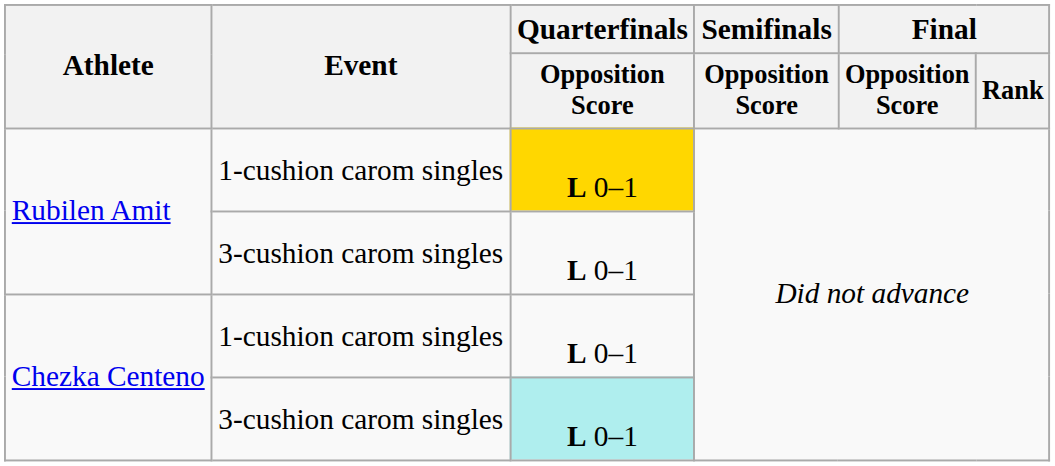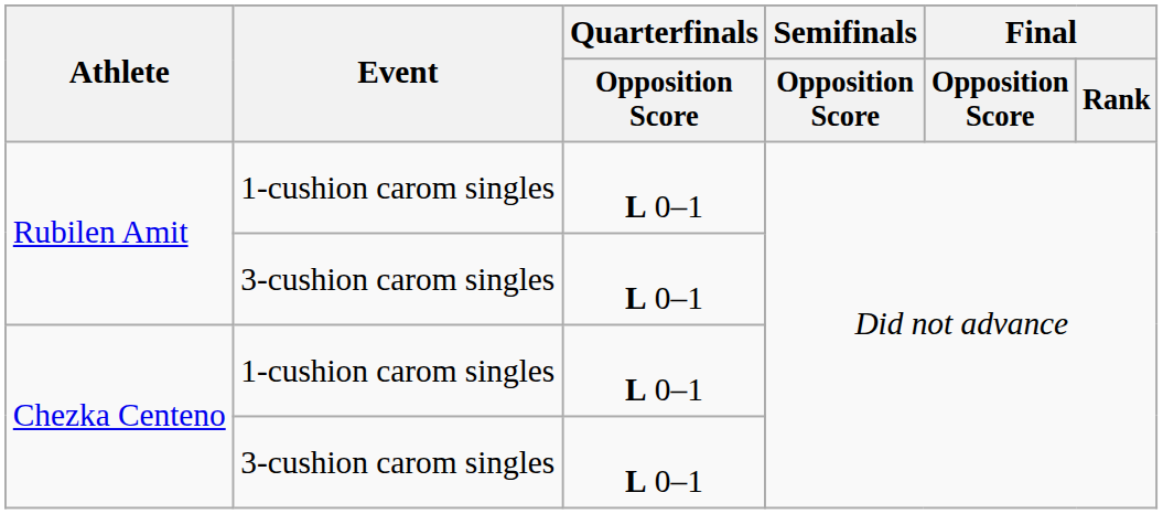 <table class="wikitable" style="font-size:95%">
 <tr>
 <th rowspan=2>Athlete</th>
 <th rowspan=2>Event</th>
 <th>Quarterfinals</th>
 <th>Semifinals</th>
 <th colspan=2>Final</th>
 </tr>
 <tr style="font-size:90%">
 <th>Opposition<br>Score</th>
 <th>Opposition<br>Score</th>
 <th>Opposition<br>Score</th>
 <th>Rank</th>
 </tr>
 <tr align=center>
 <td align=left rowspan=2><a href='#'>Rubilen Amit</a></td>
 <td align=left>1-cushion carom singles</td>
-<td style="background: gold;"><br><strong>L</strong> 0–1</td>
+<td><br><strong>L</strong> 0–1</td>
 <td colspan=3 rowspan=4><em>Did not advance</em></td>
 </tr>
 <tr align=center>
 <td align=left>3-cushion carom singles</td>
 <td><br><strong>L</strong> 0–1</td>
 </tr>
 <tr align=center>
 <td align=left rowspan=2><a href='#'>Chezka Centeno</a></td>
 <td align=left>1-cushion carom singles</td>
 <td><br><strong>L</strong> 0–1</td>
 </tr>
 <tr align=center>
 <td align=left>3-cushion carom singles</td>
-<td style="background: paleturquoise;"><br><strong>L</strong> 0–1</td>
+<td><br><strong>L</strong> 0–1</td>
 </tr>
 </table>
